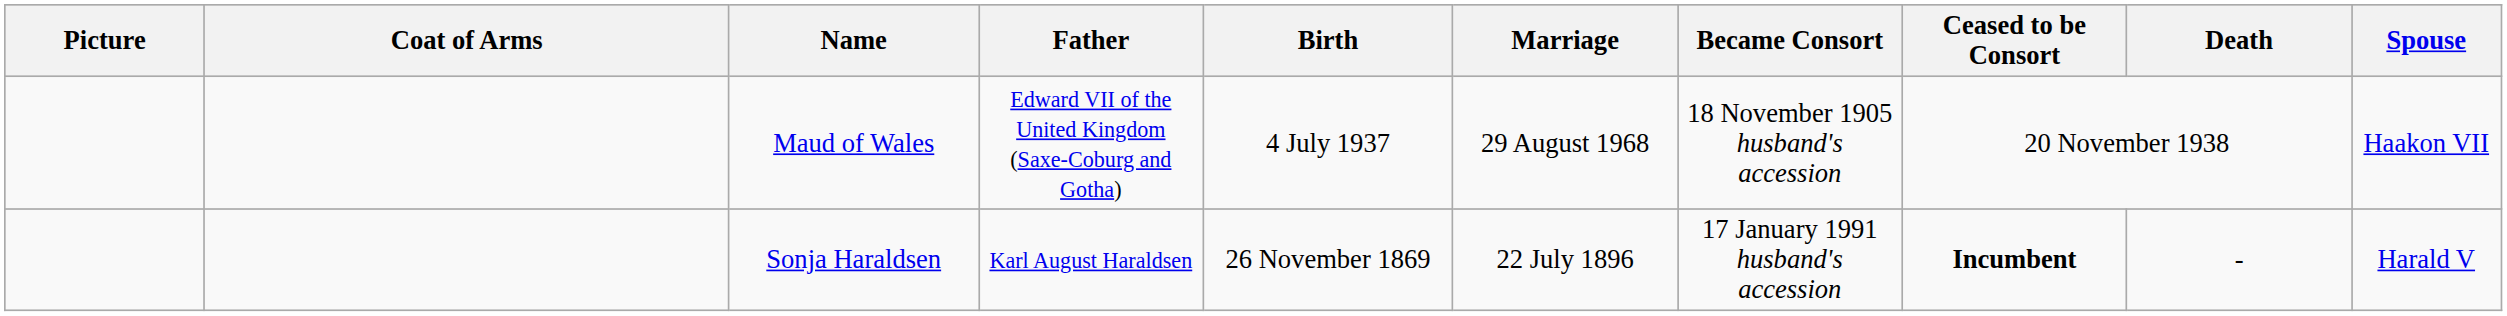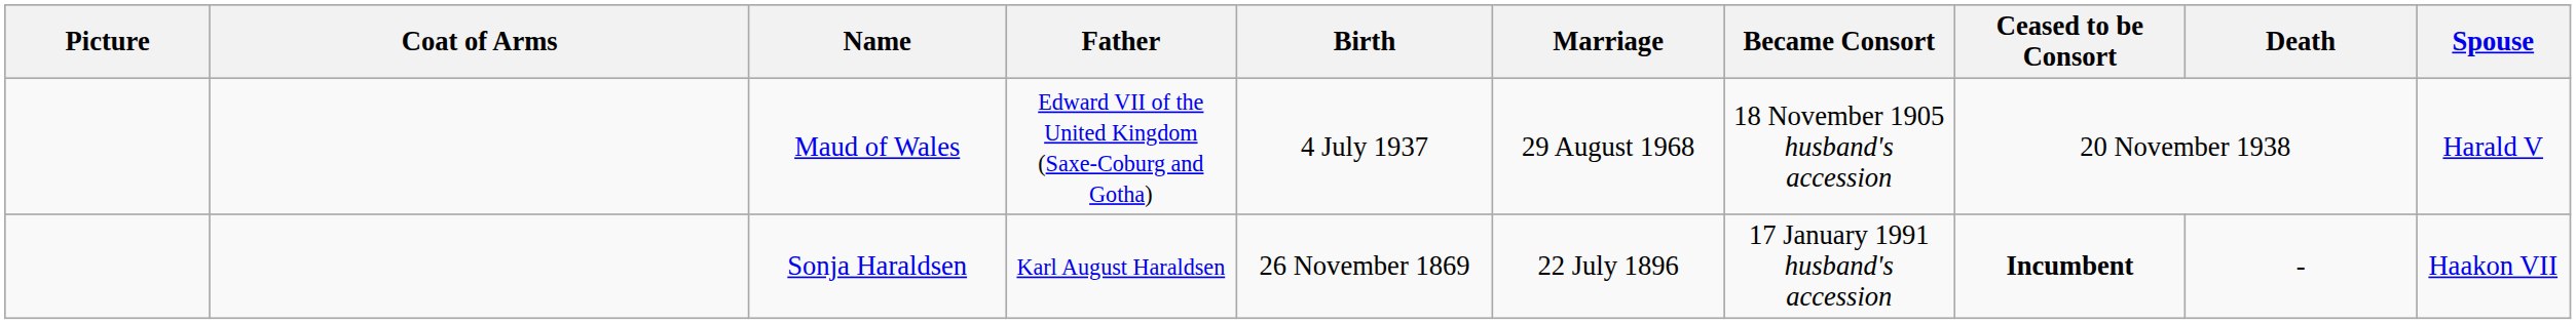 <table width=95% class="wikitable">
 <tr>
 <th width = "8%">Picture</th>
 <th>Coat of Arms</th>
 <th width="10%">Name</th>
 <th width = "9%">Father</th>
 <th width = "10%">Birth</th>
 <th width = "9%">Marriage</th>
 <th width = "9%">Became Consort</th>
 <th width = "9%">Ceased to be Consort</th>
 <th width = "9%">Death</th>
 <th width = "6%"><a href='#'>Spouse</a></th>
 </tr>
 <tr>
 <td align="center"></td>
 <td></td>
 <td align="center"><a href='#'>Maud of Wales</a></td>
 <td align="center"><small><a href='#'>Edward VII of the United Kingdom</a><br>(<a href='#'>Saxe-Coburg and Gotha</a>)</small></td>
 <td align="center">4 July 1937</td>
 <td align="center">29 August 1968</td>
 <td align="center">18 November 1905<br><em>husband's accession</em></td>
 <td align="center" colspan="2">20 November 1938</td>
-<td align="center"><a href='#'>Haakon VII</a></td>
+<td align="center"><a href='#'>Harald V</a></td>
 </tr>
 <tr>
 <td align="center"></td>
 <td></td>
 <td align="center"><a href='#'>Sonja Haraldsen</a></td>
 <td align="center"><small><a href='#'>Karl August Haraldsen</a></small></td>
 <td align="center">26 November 1869</td>
 <td align="center">22 July 1896</td>
 <td align="center">17 January 1991 <br><em>husband's accession</em></td>
 <td align="center"><strong>Incumbent</strong></td>
 <td align="center">-</td>
-<td align="center"><a href='#'>Harald V</a></td>
+<td align="center"><a href='#'>Haakon VII</a></td>
 </tr>
 </table>
